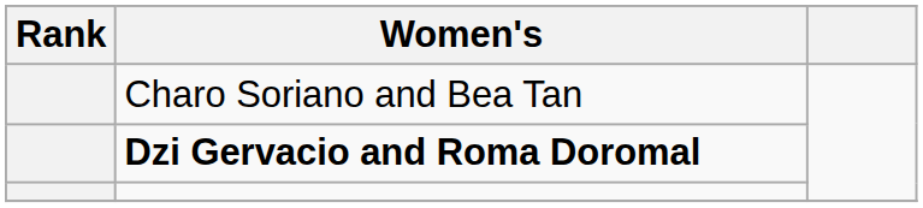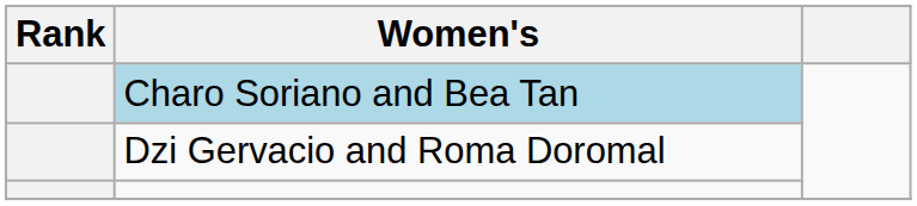 <table class="wikitable" style="text-align: center;">
 <tr>
 <th width=40>Rank</th>
 <th width=290>Women's</th>
 <th width=40></th>
 </tr>
 <tr>
 <th></th>
-<td style="text-align:left;">Charo Soriano and Bea Tan </td>
+<td style="background: lightblue; text-align:left;">Charo Soriano and Bea Tan </td>
 <td rowspan=3></td>
 </tr>
 <tr>
 <th></th>
-<td style="text-align:left;"><strong>Dzi Gervacio and Roma Doromal </strong></td>
+<td style="text-align:left;">Dzi Gervacio and Roma Doromal </td>
 </tr>
 <tr>
 <th></th>
 <td style="text-align:left;"></td>
 </tr>
 <tr>
 </tr>
 </table>
